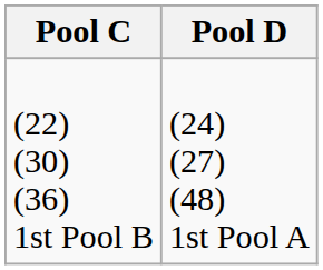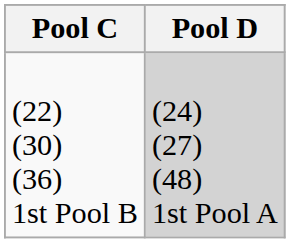 <table class="wikitable">
 <tr>
 <th width=50%>Pool C</th>
 <th width=50%>Pool D</th>
 </tr>
 <tr>
 <td><br> (22)<br>  (30)<br>  (36)<br> 1st Pool B</td>
-<td><br> (24)<br>  (27)<br>  (48)<br> 1st Pool A</td>
+<td style="background: lightgrey;"><br> (24)<br>  (27)<br>  (48)<br> 1st Pool A</td>
 </tr>
 </table>
